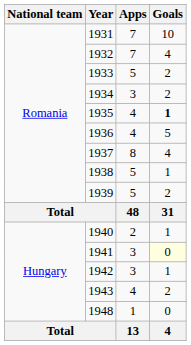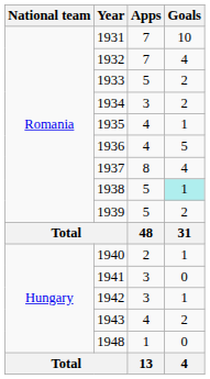 <table class="wikitable" style="text-align:center">
 <tr>
 <th>National team</th>
 <th>Year</th>
 <th>Apps</th>
 <th>Goals</th>
 </tr>
 <tr>
 <td rowspan="9"><a href='#'>Romania</a></td>
 <td>1931</td>
 <td>7</td>
 <td>10</td>
 </tr>
 <tr>
 <td>1932</td>
 <td>7</td>
 <td>4</td>
 </tr>
 <tr>
 <td>1933</td>
 <td>5</td>
 <td>2</td>
 </tr>
 <tr>
 <td>1934</td>
 <td>3</td>
 <td>2</td>
 </tr>
 <tr>
 <td>1935</td>
 <td>4</td>
-<td><strong>1</strong></td>
+<td>1</td>
 </tr>
 <tr>
 <td>1936</td>
 <td>4</td>
 <td>5</td>
 </tr>
 <tr>
 <td>1937</td>
 <td>8</td>
 <td>4</td>
 </tr>
 <tr>
 <td>1938</td>
 <td>5</td>
-<td>1</td>
+<td style="background: paleturquoise;">1</td>
 </tr>
 <tr>
 <td>1939</td>
 <td>5</td>
 <td>2</td>
 </tr>
 <tr>
 <th colspan="2">Total</th>
 <th>48</th>
 <th>31</th>
 </tr>
 <tr>
 <td rowspan="5"><a href='#'>Hungary</a></td>
 <td>1940</td>
 <td>2</td>
 <td>1</td>
 </tr>
 <tr>
 <td>1941</td>
 <td>3</td>
-<td style="background: lightyellow;">0</td>
+<td>0</td>
 </tr>
 <tr>
 <td>1942</td>
 <td>3</td>
 <td>1</td>
 </tr>
 <tr>
 <td>1943</td>
 <td>4</td>
 <td>2</td>
 </tr>
 <tr>
 <td>1948</td>
 <td>1</td>
 <td>0</td>
 </tr>
 <tr>
 <th colspan="2">Total</th>
 <th>13</th>
 <th>4</th>
 </tr>
 </table>
